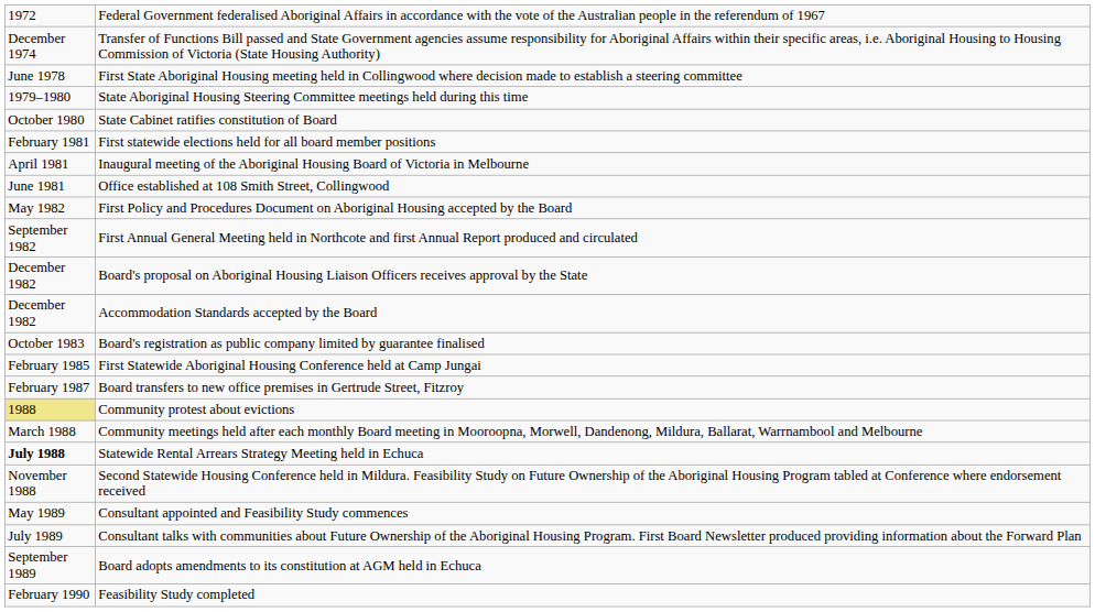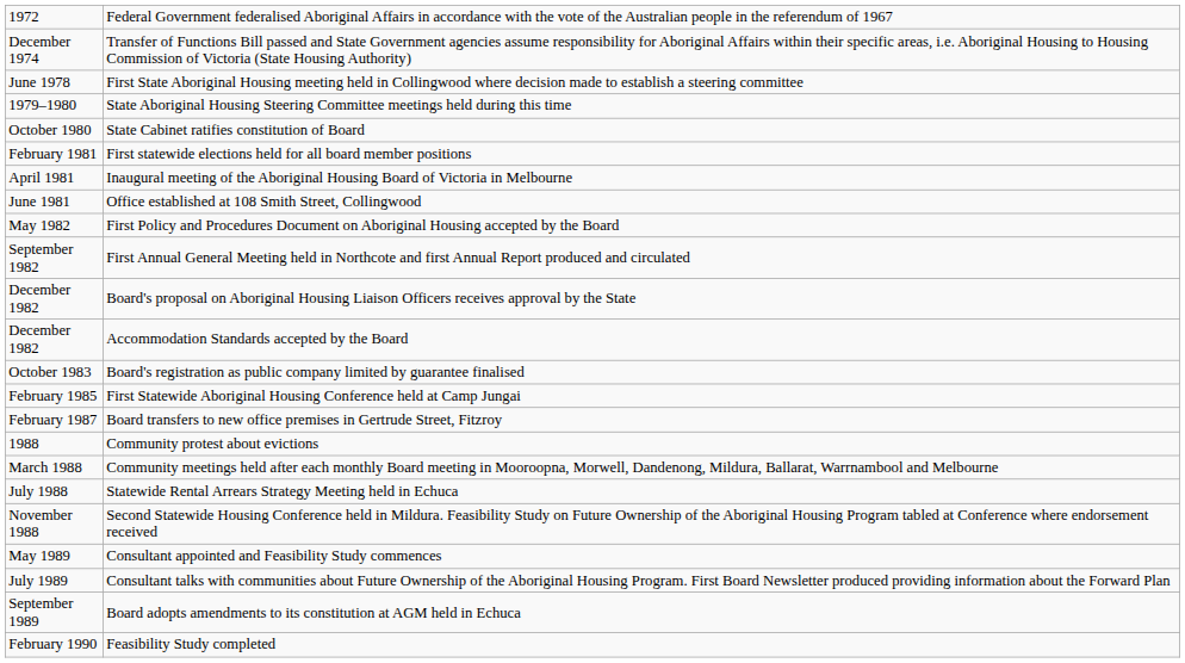 <table class="wikitable">
 <tr>
 <td>1972</td>
 <td>Federal Government federalised Aboriginal Affairs in accordance with the vote of the Australian people in the referendum of 1967</td>
 </tr>
 <tr>
 <td>December 1974</td>
 <td>Transfer of Functions Bill passed and State Government agencies assume responsibility for Aboriginal Affairs within their specific areas, i.e. Aboriginal Housing to Housing Commission of Victoria (State Housing Authority)</td>
 </tr>
 <tr>
 <td>June 1978</td>
 <td>First State Aboriginal Housing meeting held in Collingwood where decision made to establish a steering committee</td>
 </tr>
 <tr>
 <td>1979–1980</td>
 <td>State Aboriginal Housing Steering Committee meetings held during this time</td>
 </tr>
 <tr>
 <td>October 1980</td>
 <td>State Cabinet ratifies constitution of Board</td>
 </tr>
 <tr>
 <td>February 1981</td>
 <td>First statewide elections held for all board member positions</td>
 </tr>
 <tr>
 <td>April 1981</td>
 <td>Inaugural meeting of the Aboriginal Housing Board of Victoria in Melbourne</td>
 </tr>
 <tr>
 <td>June 1981</td>
 <td>Office established at 108 Smith Street, Collingwood</td>
 </tr>
 <tr>
 <td>May 1982</td>
 <td>First Policy and Procedures Document on Aboriginal Housing accepted by the Board</td>
 </tr>
 <tr>
 <td>September 1982</td>
 <td>First Annual General Meeting held in Northcote and first Annual Report produced and circulated</td>
 </tr>
 <tr>
 <td>December 1982</td>
 <td>Board's proposal on Aboriginal Housing Liaison Officers receives approval by the State</td>
 </tr>
 <tr>
 <td>December 1982</td>
 <td>Accommodation Standards accepted by the Board</td>
 </tr>
 <tr>
 <td>October 1983</td>
 <td>Board's registration as public company limited by guarantee finalised</td>
 </tr>
 <tr>
 <td>February 1985</td>
 <td>First Statewide Aboriginal Housing Conference held at Camp Jungai</td>
 </tr>
 <tr>
 <td>February 1987</td>
 <td>Board transfers to new office premises in Gertrude Street, Fitzroy</td>
 </tr>
 <tr>
-<td style="background: khaki;">1988</td>
+<td>1988</td>
 <td>Community protest about evictions</td>
 </tr>
 <tr>
 <td>March 1988</td>
 <td>Community meetings held after each monthly Board meeting in Mooroopna, Morwell, Dandenong, Mildura, Ballarat, Warrnambool and Melbourne</td>
 </tr>
 <tr>
-<td><strong>July 1988</strong></td>
+<td>July 1988</td>
 <td>Statewide Rental Arrears Strategy Meeting held in Echuca</td>
 </tr>
 <tr>
 <td>November 1988</td>
 <td>Second Statewide Housing Conference held in Mildura.  Feasibility Study on Future Ownership of the Aboriginal Housing Program tabled at Conference where endorsement received</td>
 </tr>
 <tr>
 <td>May 1989</td>
 <td>Consultant appointed and Feasibility Study commences</td>
 </tr>
 <tr>
 <td>July 1989</td>
 <td>Consultant talks with communities about Future Ownership of the Aboriginal Housing Program.   First Board Newsletter produced providing information about the Forward Plan</td>
 </tr>
 <tr>
 <td>September 1989</td>
 <td>Board adopts amendments to its constitution at AGM held in Echuca</td>
 </tr>
 <tr>
 <td>February 1990</td>
 <td>Feasibility Study completed</td>
 </tr>
 </table>
